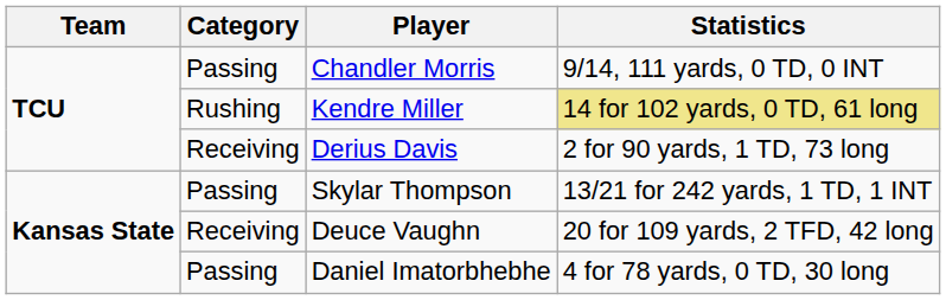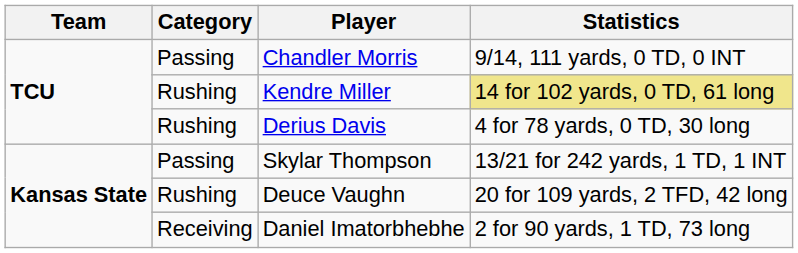 <table class="wikitable" style="float: right;">
 <tr>
 <th>Team</th>
 <th>Category</th>
 <th>Player</th>
 <th>Statistics</th>
 </tr>
 <tr>
 <td rowspan=3><strong>TCU</strong></td>
 <td>Passing</td>
 <td><a href='#'>Chandler Morris</a></td>
 <td>9/14, 111 yards, 0 TD, 0 INT</td>
 </tr>
 <tr>
 <td>Rushing</td>
 <td><a href='#'>Kendre Miller</a></td>
 <td style="background: khaki;">14 for 102 yards, 0 TD, 61 long</td>
 </tr>
 <tr>
-<td>Receiving</td>
+<td>Rushing</td>
 <td><a href='#'>Derius Davis</a></td>
-<td>2 for 90 yards, 1 TD, 73 long</td>
+<td>4 for 78 yards, 0 TD, 30 long</td>
 </tr>
 <tr>
 <td rowspan=3><strong>Kansas State</strong></td>
 <td>Passing</td>
 <td>Skylar Thompson</td>
 <td>13/21 for 242 yards, 1 TD, 1 INT</td>
 </tr>
 <tr>
-<td>Receiving</td>
+<td>Rushing</td>
 <td>Deuce Vaughn</td>
 <td>20 for 109 yards, 2 TFD, 42 long</td>
 </tr>
 <tr>
-<td>Passing</td>
+<td>Receiving</td>
 <td>Daniel Imatorbhebhe</td>
-<td>4 for 78 yards, 0 TD, 30 long</td>
+<td>2 for 90 yards, 1 TD, 73 long</td>
 </tr>
 </table>
